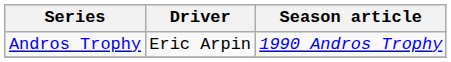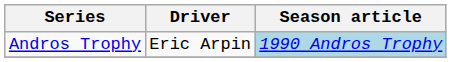 <table class="wikitable" style="font-size: 87%;">
 <tr>
 <th>Series</th>
 <th>Driver</th>
 <th>Season article</th>
 </tr>
 <tr>
 <td><a href='#'>Andros Trophy</a></td>
 <td> Eric Arpin</td>
-<td><em><a href='#'>1990 Andros Trophy</a></em></td>
+<td style="background: lightblue;"><em><a href='#'>1990 Andros Trophy</a></em></td>
 </tr>
 <tr>
 </tr>
 </table>
